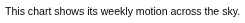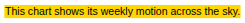 <table>
 <tr>
 <td></td>
 </tr>
 <tr>
-<td>This chart shows its weekly motion across the sky.</td>
+<td style="background: gold;">This chart shows its weekly motion across the sky.</td>
 </tr>
 </table>
